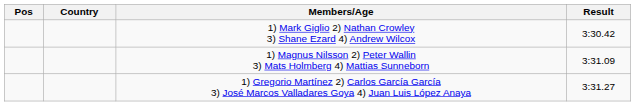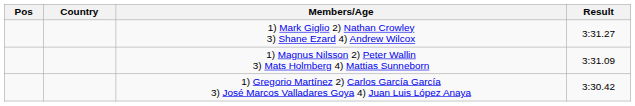 <table class="wikitable"  style="text-align:center; width:80%;">
 <tr>
 <th>Pos</th>
 <th>Country</th>
 <th>Members/Age</th>
 <th>Result</th>
 </tr>
 <tr>
 <td align=center></td>
 <td align=left></td>
 <td>1) <a href='#'>Mark Giglio</a> 2) <a href='#'>Nathan Crowley</a><br>3) <a href='#'>Shane Ezard</a> 4) <a href='#'>Andrew Wilcox</a></td>
-<td>3:30.42</td>
+<td>3:31.27</td>
 </tr>
 <tr>
 <td align=center></td>
 <td align=left></td>
 <td>1) <a href='#'>Magnus Nilsson</a> 2) <a href='#'>Peter Wallin</a><br>3) <a href='#'>Mats Holmberg</a> 4) <a href='#'>Mattias Sunneborn</a></td>
 <td>3:31.09</td>
 </tr>
 <tr>
 <td align=center></td>
 <td align=left></td>
 <td>1) <a href='#'>Gregorio Martínez</a> 2) <a href='#'>Carlos García García</a><br>3) <a href='#'>José Marcos Valladares Goya</a> 4) <a href='#'>Juan Luis López Anaya</a></td>
-<td>3:31.27</td>
+<td>3:30.42</td>
 </tr>
 </table>
